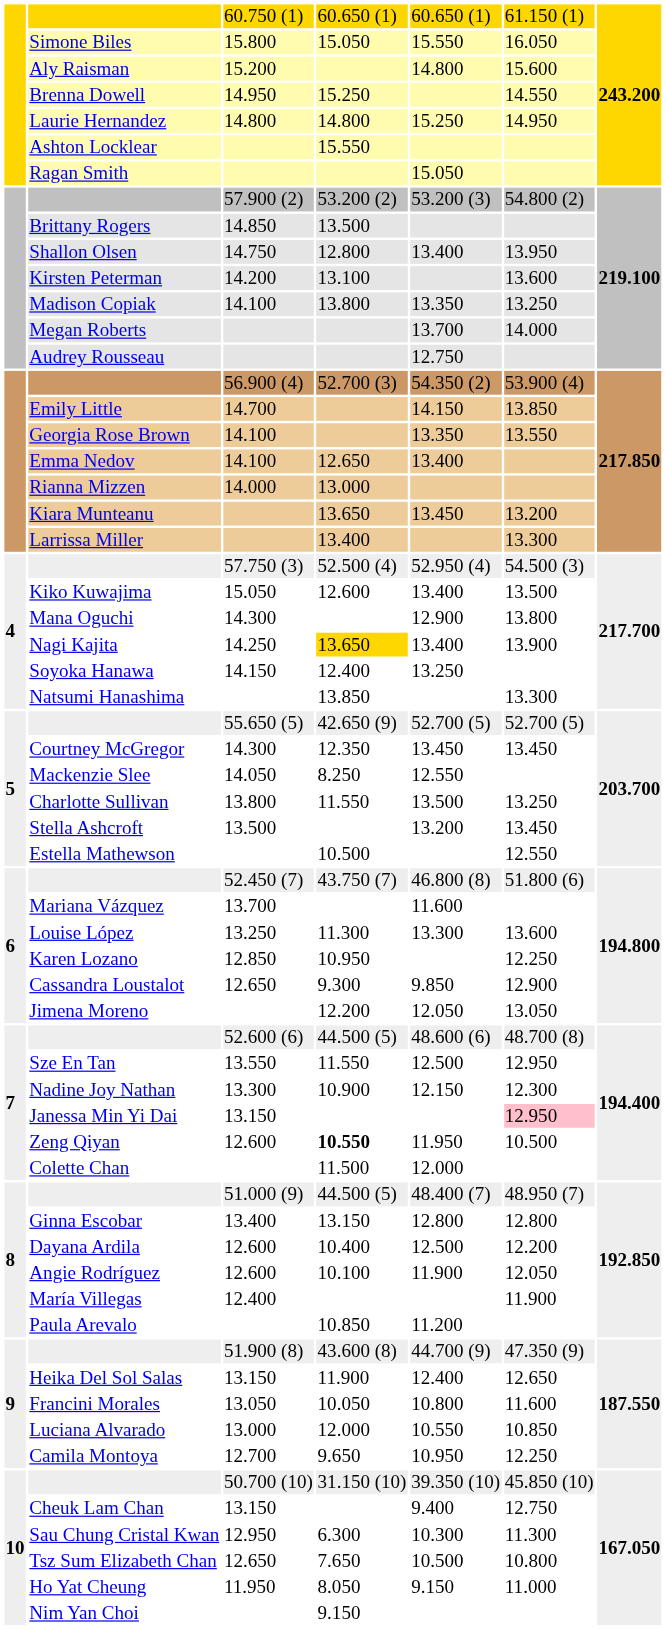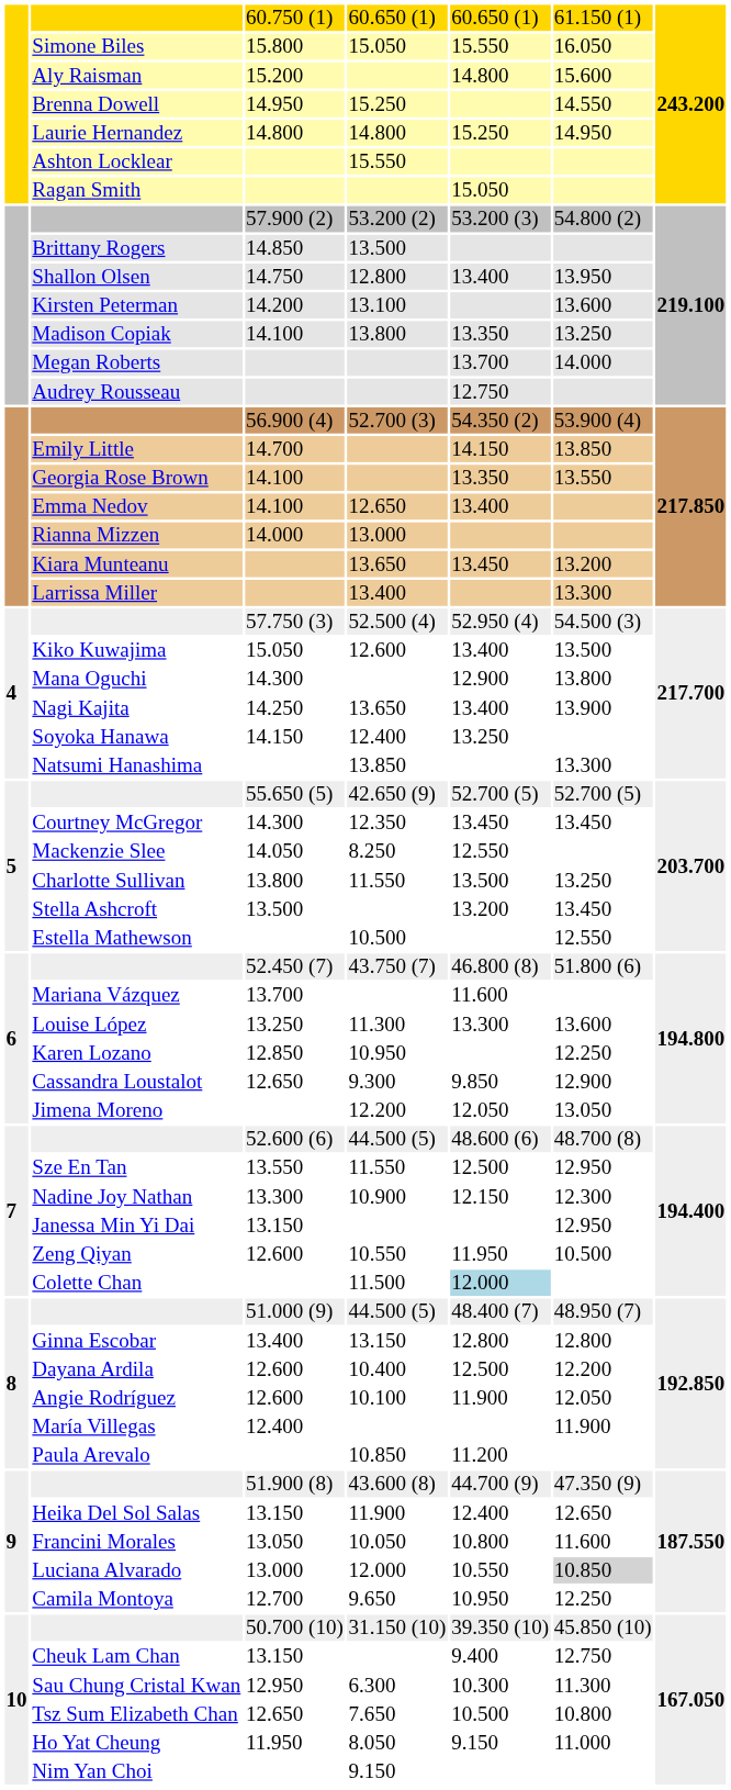 <table>
 <tr style="background:gold;">
 <td rowspan=7></td>
 <td style="text-align:left;"><strong></strong></td>
 <td>60.750 (1)</td>
 <td>60.650 (1)</td>
 <td>60.650 (1)</td>
 <td>61.150 (1)</td>
 <td rowspan=7><strong>243.200</strong></td>
 </tr>
 <tr style="background:#fffcaf;">
 <td style="text-align:left;"><a href='#'>Simone Biles</a></td>
 <td>15.800</td>
 <td>15.050</td>
 <td>15.550</td>
 <td>16.050</td>
 </tr>
 <tr style="background:#fffcaf;">
 <td style="text-align:left;"><a href='#'>Aly Raisman</a></td>
 <td>15.200</td>
 <td></td>
 <td>14.800</td>
 <td>15.600</td>
 </tr>
 <tr style="background:#fffcaf;">
 <td style="text-align:left;"><a href='#'>Brenna Dowell</a></td>
 <td>14.950</td>
 <td>15.250</td>
 <td></td>
 <td>14.550</td>
 </tr>
 <tr style="background:#fffcaf;">
 <td style="text-align:left;"><a href='#'>Laurie Hernandez</a></td>
 <td>14.800</td>
 <td>14.800</td>
 <td>15.250</td>
 <td>14.950</td>
 </tr>
 <tr style="background:#fffcaf;">
 <td style="text-align:left;"><a href='#'>Ashton Locklear</a></td>
 <td></td>
 <td>15.550</td>
 <td></td>
 <td></td>
 </tr>
 <tr style="background:#fffcaf;">
 <td style="text-align:left;"><a href='#'>Ragan Smith</a></td>
 <td></td>
 <td></td>
 <td>15.050</td>
 <td></td>
 </tr>
 <tr style="background:silver;">
 <td rowspan=7></td>
 <td style="text-align:left;"><strong></strong></td>
 <td>57.900 (2)</td>
 <td>53.200 (2)</td>
 <td>53.200 (3)</td>
 <td>54.800 (2)</td>
 <td rowspan=7><strong>219.100</strong></td>
 </tr>
 <tr style="background:#e5e5e5;">
 <td style="text-align:left;"><a href='#'>Brittany Rogers</a></td>
 <td>14.850</td>
 <td>13.500</td>
 <td></td>
 <td></td>
 </tr>
 <tr style="background:#e5e5e5;">
 <td style="text-align:left;"><a href='#'>Shallon Olsen</a></td>
 <td>14.750</td>
 <td>12.800</td>
 <td>13.400</td>
 <td>13.950</td>
 </tr>
 <tr style="background:#e5e5e5;">
 <td style="text-align:left;"><a href='#'>Kirsten Peterman</a></td>
 <td>14.200</td>
 <td>13.100</td>
 <td></td>
 <td>13.600</td>
 </tr>
 <tr style="background:#e5e5e5;">
 <td style="text-align:left;"><a href='#'>Madison Copiak</a></td>
 <td>14.100</td>
 <td>13.800</td>
 <td>13.350</td>
 <td>13.250</td>
 </tr>
 <tr style="background:#e5e5e5;">
 <td style="text-align:left;"><a href='#'>Megan Roberts</a></td>
 <td></td>
 <td></td>
 <td>13.700</td>
 <td>14.000</td>
 </tr>
 <tr style="background:#e5e5e5;">
 <td style="text-align:left;"><a href='#'>Audrey Rousseau</a></td>
 <td></td>
 <td></td>
 <td>12.750</td>
 <td></td>
 </tr>
 <tr style="background:#c96;">
 <td rowspan=7></td>
 <td style="text-align:left;"><strong></strong></td>
 <td>56.900 (4)</td>
 <td>52.700 (3)</td>
 <td>54.350 (2)</td>
 <td>53.900 (4)</td>
 <td rowspan=7><strong>217.850</strong></td>
 </tr>
 <tr style="background:#ec9;">
 <td style="text-align:left;"><a href='#'>Emily Little</a></td>
 <td>14.700</td>
 <td></td>
 <td>14.150</td>
 <td>13.850</td>
 </tr>
 <tr style="background:#ec9;">
 <td style="text-align:left;"><a href='#'>Georgia Rose Brown</a></td>
 <td>14.100</td>
 <td></td>
 <td>13.350</td>
 <td>13.550</td>
 </tr>
 <tr style="background:#ec9;">
 <td style="text-align:left;"><a href='#'>Emma Nedov</a></td>
 <td>14.100</td>
 <td>12.650</td>
 <td>13.400</td>
 <td></td>
 </tr>
 <tr style="background:#ec9;">
 <td style="text-align:left;"><a href='#'>Rianna Mizzen</a></td>
 <td>14.000</td>
 <td>13.000</td>
 <td></td>
 <td></td>
 </tr>
 <tr style="background:#ec9;">
 <td style="text-align:left;"><a href='#'>Kiara Munteanu</a></td>
 <td></td>
 <td>13.650</td>
 <td>13.450</td>
 <td>13.200</td>
 </tr>
 <tr style="background:#ec9;">
 <td style="text-align:left;"><a href='#'>Larrissa Miller</a></td>
 <td></td>
 <td>13.400</td>
 <td></td>
 <td>13.300</td>
 </tr>
 <tr style="background:#eee;">
 <td rowspan=6><strong>4</strong></td>
 <td style="text-align:left;"><strong></strong></td>
 <td>57.750 (3)</td>
 <td>52.500 (4)</td>
 <td>52.950 (4)</td>
 <td>54.500 (3)</td>
 <td rowspan=6><strong>217.700</strong></td>
 </tr>
 <tr>
 <td style="text-align:left;"><a href='#'>Kiko Kuwajima</a></td>
 <td>15.050</td>
 <td>12.600</td>
 <td>13.400</td>
 <td>13.500</td>
 </tr>
 <tr>
 <td style="text-align:left;"><a href='#'>Mana Oguchi</a></td>
 <td>14.300</td>
 <td></td>
 <td>12.900</td>
 <td>13.800</td>
 </tr>
 <tr>
 <td style="text-align:left;"><a href='#'>Nagi Kajita</a></td>
 <td>14.250</td>
-<td style="background: gold;">13.650</td>
+<td>13.650</td>
 <td>13.400</td>
 <td>13.900</td>
 </tr>
 <tr>
 <td style="text-align:left;"><a href='#'>Soyoka Hanawa</a></td>
 <td>14.150</td>
 <td>12.400</td>
 <td>13.250</td>
 <td></td>
 </tr>
 <tr>
 <td style="text-align:left;"><a href='#'>Natsumi Hanashima</a></td>
 <td></td>
 <td>13.850</td>
 <td></td>
 <td>13.300</td>
 </tr>
 <tr style="background:#eee;">
 <td rowspan=6><strong>5</strong></td>
 <td style="text-align:left;"><strong></strong></td>
 <td>55.650 (5)</td>
 <td>42.650 (9)</td>
 <td>52.700 (5)</td>
 <td>52.700 (5)</td>
 <td rowspan=6><strong>203.700</strong></td>
 </tr>
 <tr>
 <td style="text-align:left;"><a href='#'>Courtney McGregor</a></td>
 <td>14.300</td>
 <td>12.350</td>
 <td>13.450</td>
 <td>13.450</td>
 </tr>
 <tr>
 <td style="text-align:left;"><a href='#'>Mackenzie Slee</a></td>
 <td>14.050</td>
 <td>8.250</td>
 <td>12.550</td>
 <td></td>
 </tr>
 <tr>
 <td style="text-align:left;"><a href='#'>Charlotte Sullivan</a></td>
 <td>13.800</td>
 <td>11.550</td>
 <td>13.500</td>
 <td>13.250</td>
 </tr>
 <tr>
 <td style="text-align:left;"><a href='#'>Stella Ashcroft</a></td>
 <td>13.500</td>
 <td></td>
 <td>13.200</td>
 <td>13.450</td>
 </tr>
 <tr>
 <td style="text-align:left;"><a href='#'>Estella Mathewson</a></td>
 <td></td>
 <td>10.500</td>
 <td></td>
 <td>12.550</td>
 </tr>
 <tr style="background:#eee;">
 <td rowspan=6><strong>6</strong></td>
 <td style="text-align:left;"><strong></strong></td>
 <td>52.450 (7)</td>
 <td>43.750 (7)</td>
 <td>46.800 (8)</td>
 <td>51.800 (6)</td>
 <td rowspan=6><strong>194.800</strong></td>
 </tr>
 <tr>
 <td style="text-align:left;"><a href='#'>Mariana Vázquez</a></td>
 <td>13.700</td>
 <td></td>
 <td>11.600</td>
 <td></td>
 </tr>
 <tr>
 <td style="text-align:left;"><a href='#'>Louise López</a></td>
 <td>13.250</td>
 <td>11.300</td>
 <td>13.300</td>
 <td>13.600</td>
 </tr>
 <tr>
 <td style="text-align:left;"><a href='#'>Karen Lozano</a></td>
 <td>12.850</td>
 <td>10.950</td>
 <td></td>
 <td>12.250</td>
 </tr>
 <tr>
 <td style="text-align:left;"><a href='#'>Cassandra Loustalot</a></td>
 <td>12.650</td>
 <td>9.300</td>
 <td>9.850</td>
 <td>12.900</td>
 </tr>
 <tr>
 <td style="text-align:left;"><a href='#'>Jimena Moreno</a></td>
 <td></td>
 <td>12.200</td>
 <td>12.050</td>
 <td>13.050</td>
 </tr>
 <tr style="background:#eee;">
 <td rowspan=6><strong>7</strong></td>
 <td style="text-align:left;"><strong></strong></td>
 <td>52.600 (6)</td>
 <td>44.500 (5)</td>
 <td>48.600 (6)</td>
 <td>48.700 (8)</td>
 <td rowspan=6><strong>194.400</strong></td>
 </tr>
 <tr>
 <td style="text-align:left;"><a href='#'>Sze En Tan</a></td>
 <td>13.550</td>
 <td>11.550</td>
 <td>12.500</td>
 <td>12.950</td>
 </tr>
 <tr>
 <td style="text-align:left;"><a href='#'>Nadine Joy Nathan</a></td>
 <td>13.300</td>
 <td>10.900</td>
 <td>12.150</td>
 <td>12.300</td>
 </tr>
 <tr>
 <td style="text-align:left;"><a href='#'>Janessa Min Yi Dai</a></td>
 <td>13.150</td>
 <td></td>
 <td></td>
-<td style="background: pink;">12.950</td>
+<td>12.950</td>
 </tr>
 <tr>
 <td style="text-align:left;"><a href='#'>Zeng Qiyan</a></td>
 <td>12.600</td>
-<td><strong>10.550</strong></td>
+<td>10.550</td>
 <td>11.950</td>
 <td>10.500</td>
 </tr>
 <tr>
 <td style="text-align:left;"><a href='#'>Colette Chan</a></td>
 <td></td>
 <td>11.500</td>
-<td>12.000</td>
+<td style="background: lightblue;">12.000</td>
 <td></td>
 </tr>
 <tr style="background:#eee;">
 <td rowspan=6><strong>8</strong></td>
 <td style="text-align:left;"><strong></strong></td>
 <td>51.000 (9)</td>
 <td>44.500 (5)</td>
 <td>48.400 (7)</td>
 <td>48.950 (7)</td>
 <td rowspan=6><strong>192.850</strong></td>
 </tr>
 <tr>
 <td style="text-align:left;"><a href='#'>Ginna Escobar</a></td>
 <td>13.400</td>
 <td>13.150</td>
 <td>12.800</td>
 <td>12.800</td>
 </tr>
 <tr>
 <td style="text-align:left;"><a href='#'>Dayana Ardila</a></td>
 <td>12.600</td>
 <td>10.400</td>
 <td>12.500</td>
 <td>12.200</td>
 </tr>
 <tr>
 <td style="text-align:left;"><a href='#'>Angie Rodríguez</a></td>
 <td>12.600</td>
 <td>10.100</td>
 <td>11.900</td>
 <td>12.050</td>
 </tr>
 <tr>
 <td style="text-align:left;"><a href='#'>María Villegas</a></td>
 <td>12.400</td>
 <td></td>
 <td></td>
 <td>11.900</td>
 </tr>
 <tr>
 <td style="text-align:left;"><a href='#'>Paula Arevalo</a></td>
 <td></td>
 <td>10.850</td>
 <td>11.200</td>
 <td></td>
 </tr>
 <tr style="background:#eee;">
 <td rowspan=5><strong>9</strong></td>
 <td style="text-align:left;"><strong></strong></td>
 <td>51.900 (8)</td>
 <td>43.600 (8)</td>
 <td>44.700 (9)</td>
 <td>47.350 (9)</td>
 <td rowspan=5><strong>187.550</strong></td>
 </tr>
 <tr>
 <td style="text-align:left;"><a href='#'>Heika Del Sol Salas</a></td>
 <td>13.150</td>
 <td>11.900</td>
 <td>12.400</td>
 <td>12.650</td>
 </tr>
 <tr>
 <td style="text-align:left;"><a href='#'>Francini Morales</a></td>
 <td>13.050</td>
 <td>10.050</td>
 <td>10.800</td>
 <td>11.600</td>
 </tr>
 <tr>
 <td style="text-align:left;"><a href='#'>Luciana Alvarado</a></td>
 <td>13.000</td>
 <td>12.000</td>
 <td>10.550</td>
-<td>10.850</td>
+<td style="background: lightgrey;">10.850</td>
 </tr>
 <tr>
 <td style="text-align:left;"><a href='#'>Camila Montoya</a></td>
 <td>12.700</td>
 <td>9.650</td>
 <td>10.950</td>
 <td>12.250</td>
 </tr>
 <tr style="background:#eee;">
 <td rowspan=6><strong>10</strong></td>
 <td style="text-align:left;"><strong></strong></td>
 <td>50.700 (10)</td>
 <td>31.150 (10)</td>
 <td>39.350 (10)</td>
 <td>45.850 (10)</td>
 <td rowspan=6><strong>167.050</strong></td>
 </tr>
 <tr>
 <td style="text-align:left;"><a href='#'>Cheuk Lam Chan</a></td>
 <td>13.150</td>
 <td></td>
 <td>9.400</td>
 <td>12.750</td>
 </tr>
 <tr>
 <td style="text-align:left;"><a href='#'>Sau Chung Cristal Kwan</a></td>
 <td>12.950</td>
 <td>6.300</td>
 <td>10.300</td>
 <td>11.300</td>
 </tr>
 <tr>
 <td style="text-align:left;"><a href='#'>Tsz Sum Elizabeth Chan</a></td>
 <td>12.650</td>
 <td>7.650</td>
 <td>10.500</td>
 <td>10.800</td>
 </tr>
 <tr>
 <td style="text-align:left;"><a href='#'>Ho Yat Cheung</a></td>
 <td>11.950</td>
 <td>8.050</td>
 <td>9.150</td>
 <td>11.000</td>
 </tr>
 <tr>
 <td style="text-align:left;"><a href='#'>Nim Yan Choi</a></td>
 <td></td>
 <td>9.150</td>
 <td></td>
 <td></td>
 </tr>
 </table>
